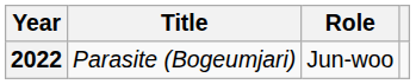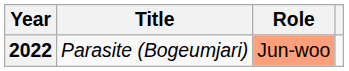 <table class="wikitable sortable plainrowheaders">
 <tr>
 <th scope="col">Year</th>
 <th scope="col">Title</th>
 <th scope="col">Role</th>
 <th scope="col" class="unsortable"></th>
 </tr>
 <tr>
 <th scope="row" rowspan=3>2022</th>
 <td><em>Parasite (Bogeumjari)</em></td>
-<td>Jun-woo</td>
+<td style="background: lightsalmon;">Jun-woo</td>
 <td></td>
 </tr>
 </table>
